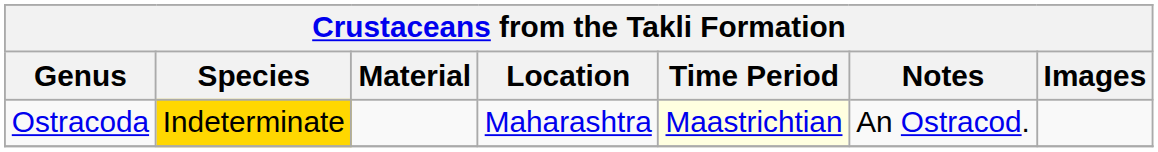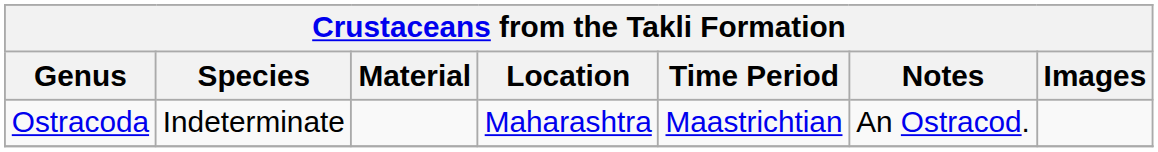 <table class="wikitable" align="center">
 <tr>
 <th colspan="7" align="center"><strong><a href='#'>Crustaceans</a> from the Takli Formation</strong></th>
 </tr>
 <tr>
 <th>Genus</th>
 <th>Species</th>
 <th>Material</th>
 <th>Location</th>
 <th>Time Period</th>
 <th>Notes</th>
 <th>Images</th>
 </tr>
 <tr>
 <td><a href='#'>Ostracoda</a></td>
-<td style="background: gold;">Indeterminate</td>
+<td>Indeterminate</td>
 <td></td>
 <td><a href='#'>Maharashtra</a></td>
-<td style="background: lightyellow;"><a href='#'>Maastrichtian</a></td>
+<td><a href='#'>Maastrichtian</a></td>
 <td>An <a href='#'>Ostracod</a>.</td>
 <td></td>
 </tr>
 <tr>
 </tr>
 </table>
